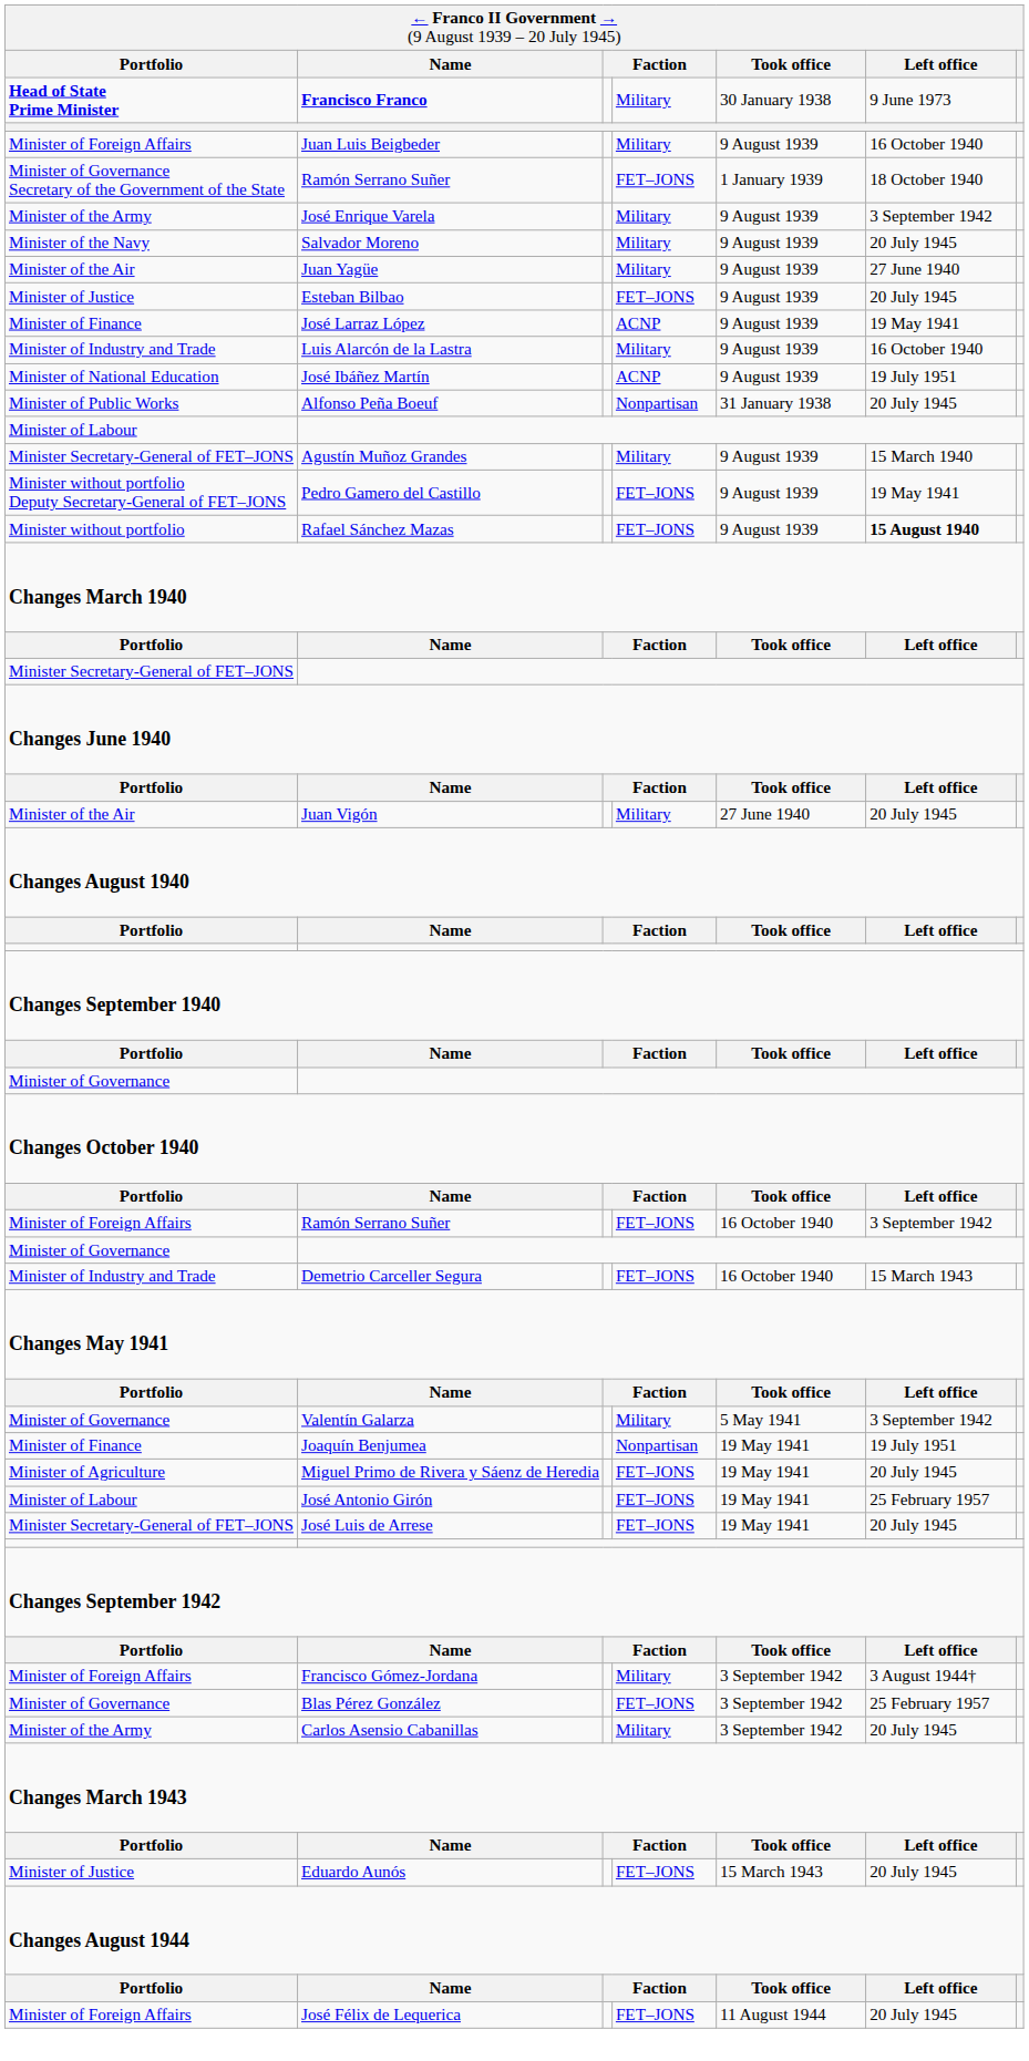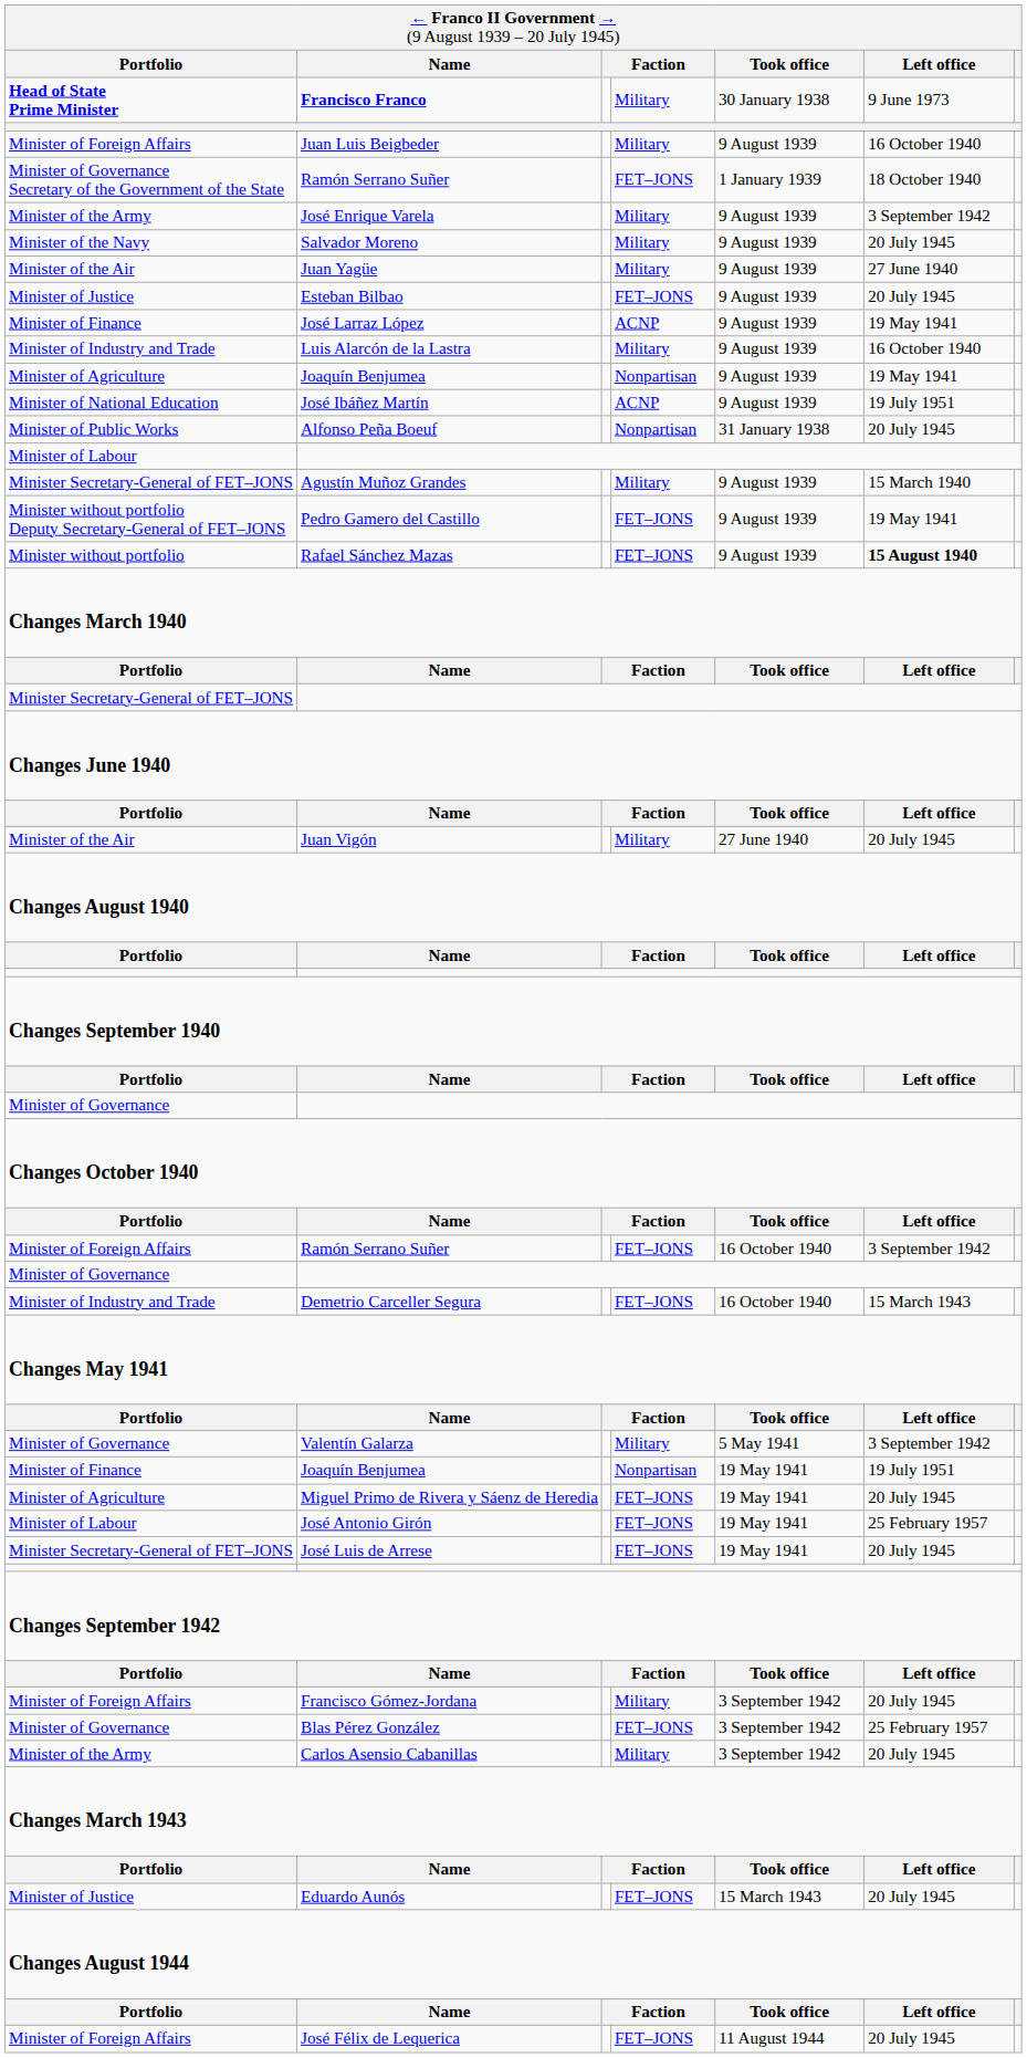 <table class="wikitable">
 <tr>
 <td colspan="7" bgcolor="#F2F2F2" align="center"><a href='#'>←</a> <strong>Franco II Government</strong> <a href='#'>→</a><br>(9 August 1939 – 20 July 1945)</td>
 </tr>
 <tr>
 <th>Portfolio</th>
 <th>Name</th>
 <th width="100px" colspan="2">Faction</th>
 <th width="135px">Took office</th>
 <th width="135px">Left office</th>
 <th></th>
 </tr>
 <tr>
 <td><strong><a href='#'>Head of State</a><br><a href='#'>Prime Minister</a></strong></td>
 <td><strong><a href='#'>Francisco Franco</a></strong></td>
 <td width="1" style="background-color:"></td>
 <td><a href='#'>Military</a></td>
 <td>30 January 1938</td>
 <td>9 June 1973</td>
 <td align="center"><br></td>
 </tr>
 <tr>
 <th colspan="7"></th>
 </tr>
 <tr>
 <td><a href='#'>Minister of Foreign Affairs</a></td>
 <td><a href='#'>Juan Luis Beigbeder</a></td>
 <td style="background-color:"></td>
 <td><a href='#'>Military</a></td>
 <td>9 August 1939</td>
 <td>16 October 1940</td>
 <td align="center"></td>
 </tr>
 <tr>
 <td><a href='#'>Minister of Governance</a><br><a href='#'>Secretary of the Government of the State</a></td>
 <td><a href='#'>Ramón Serrano Suñer</a></td>
 <td style="background-color:"></td>
 <td><a href='#'>FET–JONS</a></td>
 <td>1 January 1939</td>
 <td>18 October 1940</td>
 <td align="center"></td>
 </tr>
 <tr>
 <td><a href='#'>Minister of the Army</a></td>
 <td><a href='#'>José Enrique Varela</a></td>
 <td style="background-color:"></td>
 <td><a href='#'>Military</a></td>
 <td>9 August 1939</td>
 <td>3 September 1942</td>
 <td align="center"></td>
 </tr>
 <tr>
 <td><a href='#'>Minister of the Navy</a></td>
 <td><a href='#'>Salvador Moreno</a></td>
 <td style="background-color:"></td>
 <td><a href='#'>Military</a></td>
 <td>9 August 1939</td>
 <td>20 July 1945</td>
 <td align="center"></td>
 </tr>
 <tr>
 <td><a href='#'>Minister of the Air</a></td>
 <td><a href='#'>Juan Yagüe</a></td>
 <td style="background-color:"></td>
 <td><a href='#'>Military</a></td>
 <td>9 August 1939</td>
 <td>27 June 1940</td>
 <td align="center"></td>
 </tr>
 <tr>
 <td><a href='#'>Minister of Justice</a></td>
 <td><a href='#'>Esteban Bilbao</a></td>
 <td style="background-color:"></td>
 <td><a href='#'>FET–JONS</a></td>
 <td>9 August 1939</td>
 <td>20 July 1945</td>
 <td align="center"></td>
 </tr>
 <tr>
 <td><a href='#'>Minister of Finance</a></td>
 <td><a href='#'>José Larraz López</a></td>
 <td style="background-color:"></td>
 <td><a href='#'>ACNP</a></td>
 <td>9 August 1939</td>
 <td>19 May 1941</td>
 <td align="center"></td>
 </tr>
 <tr>
 <td><a href='#'>Minister of Industry and Trade</a></td>
 <td><a href='#'>Luis Alarcón de la Lastra</a></td>
 <td style="background-color:"></td>
 <td><a href='#'>Military</a></td>
 <td>9 August 1939</td>
 <td>16 October 1940</td>
+<td align="center"></td>
+</tr>
+<tr>
+<td><a href='#'>Minister of Agriculture</a></td>
+<td><a href='#'>Joaquín Benjumea</a></td>
+<td style="background-color:"></td>
+<td><a href='#'>Nonpartisan</a></td>
+<td>9 August 1939</td>
+<td>19 May 1941</td>
 <td align="center"></td>
 </tr>
 <tr>
 <td><a href='#'>Minister of National Education</a></td>
 <td><a href='#'>José Ibáñez Martín</a></td>
 <td style="background-color:"></td>
 <td><a href='#'>ACNP</a></td>
 <td>9 August 1939</td>
 <td>19 July 1951</td>
 <td align="center"></td>
 </tr>
 <tr>
 <td><a href='#'>Minister of Public Works</a></td>
 <td><a href='#'>Alfonso Peña Boeuf</a></td>
 <td style="background-color:"></td>
 <td><a href='#'>Nonpartisan</a></td>
 <td>31 January 1938</td>
 <td>20 July 1945</td>
 <td align="center"></td>
 </tr>
 <tr>
 <td><a href='#'>Minister of Labour</a></td>
 <td colspan="6"></td>
 </tr>
 <tr>
 <td><a href='#'>Minister Secretary-General of FET–JONS</a></td>
 <td><a href='#'>Agustín Muñoz Grandes</a></td>
 <td style="background-color:"></td>
 <td><a href='#'>Military</a></td>
 <td>9 August 1939</td>
 <td>15 March 1940</td>
 <td align="center"></td>
 </tr>
 <tr>
 <td><a href='#'>Minister without portfolio</a><br><a href='#'>Deputy Secretary-General of FET–JONS</a></td>
 <td><a href='#'>Pedro Gamero del Castillo</a></td>
 <td style="background-color:"></td>
 <td><a href='#'>FET–JONS</a></td>
 <td>9 August 1939</td>
 <td>19 May 1941</td>
 <td align="center"><br></td>
 </tr>
 <tr>
 <td><a href='#'>Minister without portfolio</a></td>
 <td><a href='#'>Rafael Sánchez Mazas</a></td>
 <td style="background-color:"></td>
 <td><a href='#'>FET–JONS</a></td>
 <td>9 August 1939</td>
 <td><strong>15 August 1940</strong></td>
 <td align="center"></td>
 </tr>
 <tr>
 <td colspan="7"><br><h3>Changes March 1940</h3></td>
 </tr>
 <tr>
 <th>Portfolio</th>
 <th>Name</th>
 <th colspan="2">Faction</th>
 <th>Took office</th>
 <th>Left office</th>
 <th></th>
 </tr>
 <tr>
 <td><a href='#'>Minister Secretary-General of FET–JONS</a></td>
 <td colspan="6"></td>
 </tr>
 <tr>
 <td colspan="7"><br><h3>Changes June 1940</h3></td>
 </tr>
 <tr>
 <th>Portfolio</th>
 <th>Name</th>
 <th colspan="2">Faction</th>
 <th>Took office</th>
 <th>Left office</th>
 <th></th>
 </tr>
 <tr>
 <td><a href='#'>Minister of the Air</a></td>
 <td><a href='#'>Juan Vigón</a></td>
 <td style="background-color:"></td>
 <td><a href='#'>Military</a></td>
 <td>27 June 1940</td>
 <td>20 July 1945</td>
 <td align="center"></td>
 </tr>
 <tr>
 <td colspan="7"><br><h3>Changes August 1940</h3></td>
 </tr>
 <tr>
 <th>Portfolio</th>
 <th>Name</th>
 <th colspan="2">Faction</th>
 <th>Took office</th>
 <th>Left office</th>
 <th></th>
 </tr>
 <tr>
 <td></td>
 <td colspan="6"></td>
 </tr>
 <tr>
 <td colspan="7"><br><h3>Changes September 1940</h3></td>
 </tr>
 <tr>
 <th>Portfolio</th>
 <th>Name</th>
 <th colspan="2">Faction</th>
 <th>Took office</th>
 <th>Left office</th>
 <th></th>
 </tr>
 <tr>
 <td><a href='#'>Minister of Governance</a></td>
 <td colspan="6"></td>
 </tr>
 <tr>
 <td colspan="7"><br><h3>Changes October 1940</h3></td>
 </tr>
 <tr>
 <th>Portfolio</th>
 <th>Name</th>
 <th colspan="2">Faction</th>
 <th>Took office</th>
 <th>Left office</th>
 <th></th>
 </tr>
 <tr>
 <td><a href='#'>Minister of Foreign Affairs</a></td>
 <td><a href='#'>Ramón Serrano Suñer</a></td>
 <td style="background-color:"></td>
 <td><a href='#'>FET–JONS</a></td>
 <td>16 October 1940</td>
 <td>3 September 1942</td>
 <td align="center"></td>
 </tr>
 <tr>
 <td><a href='#'>Minister of Governance</a></td>
 <td colspan="6"></td>
 </tr>
 <tr>
 <td><a href='#'>Minister of Industry and Trade</a></td>
 <td><a href='#'>Demetrio Carceller Segura</a></td>
 <td style="background-color:"></td>
 <td><a href='#'>FET–JONS</a></td>
 <td>16 October 1940</td>
 <td>15 March 1943</td>
 <td align="center"></td>
 </tr>
 <tr>
 <td colspan="7"><br><h3>Changes May 1941</h3></td>
 </tr>
 <tr>
 <th>Portfolio</th>
 <th>Name</th>
 <th colspan="2">Faction</th>
 <th>Took office</th>
 <th>Left office</th>
 <th></th>
 </tr>
 <tr>
 <td><a href='#'>Minister of Governance</a></td>
 <td><a href='#'>Valentín Galarza</a></td>
 <td style="background-color:"></td>
 <td><a href='#'>Military</a></td>
 <td>5 May 1941</td>
 <td>3 September 1942</td>
 <td align="center"></td>
 </tr>
 <tr>
 <td><a href='#'>Minister of Finance</a></td>
 <td><a href='#'>Joaquín Benjumea</a></td>
 <td style="background-color:"></td>
 <td><a href='#'>Nonpartisan</a></td>
 <td>19 May 1941</td>
 <td>19 July 1951</td>
 <td align="center"></td>
 </tr>
 <tr>
 <td><a href='#'>Minister of Agriculture</a></td>
 <td><a href='#'>Miguel Primo de Rivera y Sáenz de Heredia</a></td>
 <td style="background-color:"></td>
 <td><a href='#'>FET–JONS</a></td>
 <td>19 May 1941</td>
 <td>20 July 1945</td>
 <td align="center"></td>
 </tr>
 <tr>
 <td><a href='#'>Minister of Labour</a></td>
 <td><a href='#'>José Antonio Girón</a></td>
 <td style="background-color:"></td>
 <td><a href='#'>FET–JONS</a></td>
 <td>19 May 1941</td>
 <td>25 February 1957</td>
 <td align="center"></td>
 </tr>
 <tr>
 <td><a href='#'>Minister Secretary-General of FET–JONS</a></td>
 <td><a href='#'>José Luis de Arrese</a></td>
 <td style="background-color:"></td>
 <td><a href='#'>FET–JONS</a></td>
 <td>19 May 1941</td>
 <td>20 July 1945</td>
 <td align="center"></td>
 </tr>
 <tr>
 <td></td>
 <td colspan="6"></td>
 </tr>
 <tr>
 <td colspan="7"><br><h3>Changes September 1942</h3></td>
 </tr>
 <tr>
 <th>Portfolio</th>
 <th>Name</th>
 <th colspan="2">Faction</th>
 <th>Took office</th>
 <th>Left office</th>
 <th></th>
 </tr>
 <tr>
 <td><a href='#'>Minister of Foreign Affairs</a></td>
 <td><a href='#'>Francisco Gómez-Jordana</a></td>
 <td style="background-color:"></td>
 <td><a href='#'>Military</a></td>
 <td>3 September 1942</td>
-<td>3 August 1944†</td>
+<td>20 July 1945</td>
 <td align="center"></td>
 </tr>
 <tr>
 <td><a href='#'>Minister of Governance</a></td>
 <td><a href='#'>Blas Pérez González</a></td>
 <td style="background-color:"></td>
 <td><a href='#'>FET–JONS</a></td>
 <td>3 September 1942</td>
 <td>25 February 1957</td>
 <td align="center"></td>
 </tr>
 <tr>
 <td><a href='#'>Minister of the Army</a></td>
 <td><a href='#'>Carlos Asensio Cabanillas</a></td>
 <td style="background-color:"></td>
 <td><a href='#'>Military</a></td>
 <td>3 September 1942</td>
 <td>20 July 1945</td>
 <td align="center"></td>
 </tr>
 <tr>
 <td colspan="7"><br><h3>Changes March 1943</h3></td>
 </tr>
 <tr>
 <th>Portfolio</th>
 <th>Name</th>
 <th colspan="2">Faction</th>
 <th>Took office</th>
 <th>Left office</th>
 <th></th>
 </tr>
 <tr>
 <td><a href='#'>Minister of Justice</a></td>
 <td><a href='#'>Eduardo Aunós</a></td>
 <td style="background-color:"></td>
 <td><a href='#'>FET–JONS</a></td>
 <td>15 March 1943</td>
 <td>20 July 1945</td>
 <td align="center"></td>
 </tr>
 <tr>
 <td colspan="7"><br><h3>Changes August 1944</h3></td>
 </tr>
 <tr>
 <th>Portfolio</th>
 <th>Name</th>
 <th colspan="2">Faction</th>
 <th>Took office</th>
 <th>Left office</th>
 <th></th>
 </tr>
 <tr>
 <td><a href='#'>Minister of Foreign Affairs</a></td>
 <td><a href='#'>José Félix de Lequerica</a></td>
 <td style="background-color:"></td>
 <td><a href='#'>FET–JONS</a></td>
 <td>11 August 1944</td>
 <td>20 July 1945</td>
 <td align="center"></td>
 </tr>
 </table>
